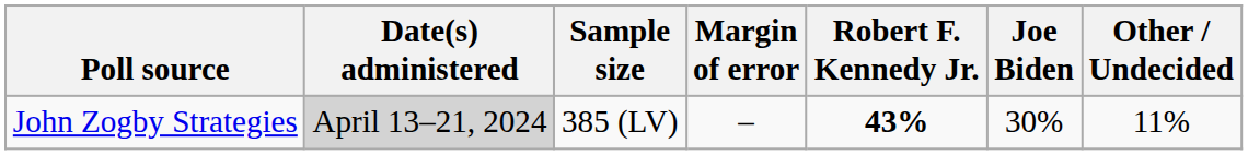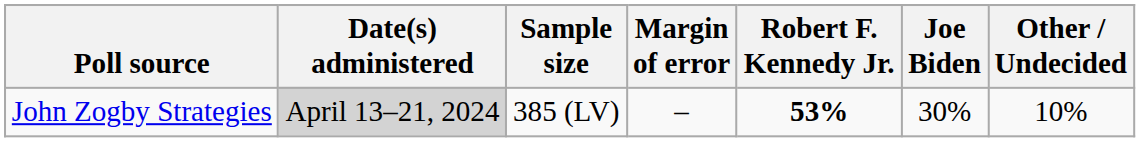 <table class="wikitable sortable mw-datatable" style="font-size:90%;text-align:center;line-height:17px">
 <tr valign=bottom>
 <th>Poll source</th>
 <th>Date(s)<br>administered</th>
 <th>Sample<br>size</th>
 <th>Margin<br>of error</th>
 <th class="unsortable">Robert F.<br>Kennedy Jr.<br></th>
 <th class="unsortable">Joe<br>Biden<br></th>
 <th class="unsortable">Other /<br>Undecided</th>
 </tr>
 <tr>
 <td style="text-align:left;"><a href='#'>John Zogby Strategies</a></td>
 <td data-sort-value="2024-05-01" style="background: lightgrey;">April 13–21, 2024</td>
 <td>385 (LV)</td>
 <td>–</td>
-<td style="background-color:"><strong>43%</strong></td>
+<td style="background-color:"><strong>53%</strong></td>
 <td>30%</td>
-<td>11%</td>
+<td>10%</td>
 </tr>
 </table>
